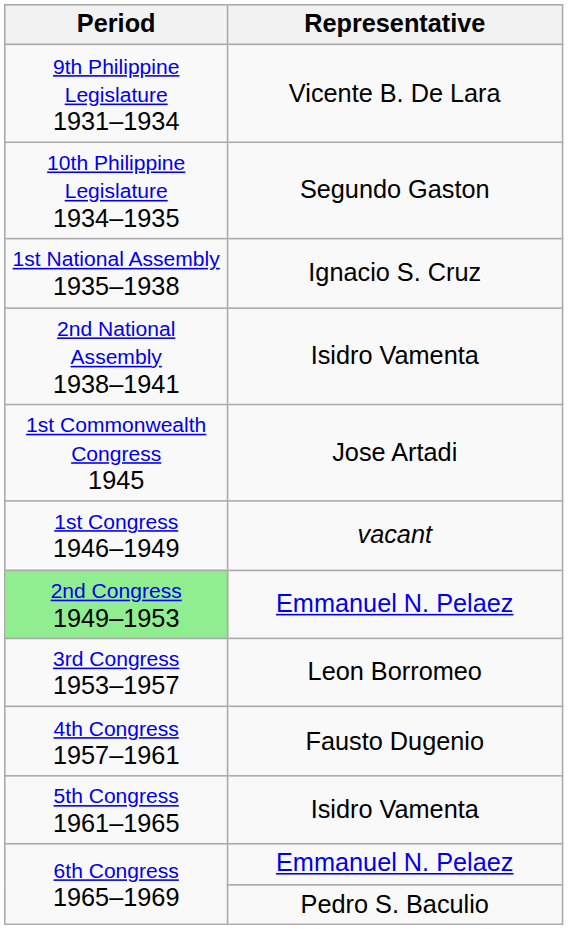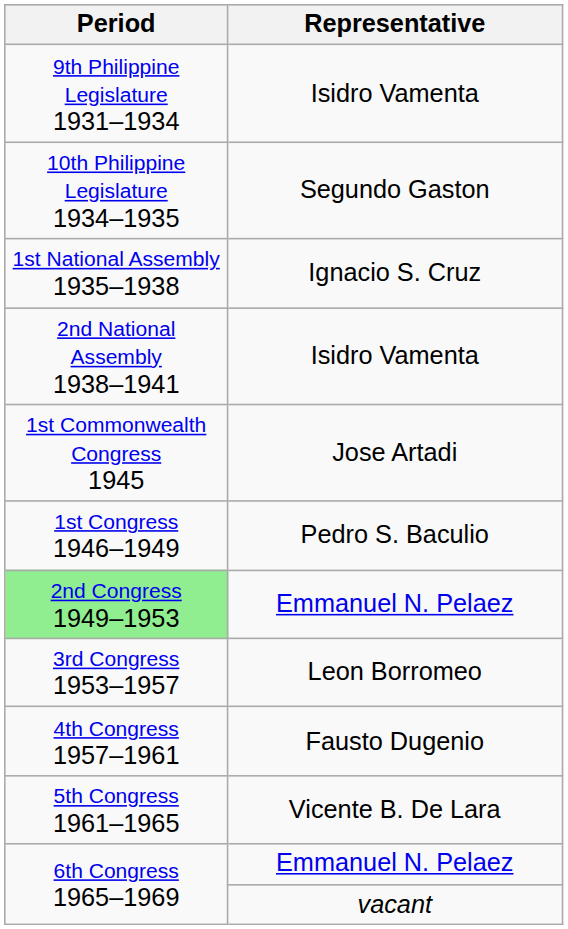 <table class="wikitable" style="text-align:center; width:40%;">
 <tr>
 <th width="40%">Period</th>
 <th>Representative</th>
 </tr>
 <tr>
 <td><small><a href='#'>9th Philippine Legislature</a></small><br>1931–1934</td>
-<td>Vicente B. De Lara</td>
+<td>Isidro Vamenta</td>
 </tr>
 <tr>
 <td><small><a href='#'>10th Philippine Legislature</a></small><br>1934–1935</td>
 <td>Segundo Gaston</td>
 </tr>
 <tr>
 <td><small><a href='#'>1st National Assembly</a></small><br>1935–1938</td>
 <td>Ignacio S. Cruz</td>
 </tr>
 <tr>
 <td><small><a href='#'>2nd National Assembly</a></small><br>1938–1941</td>
 <td>Isidro Vamenta</td>
 </tr>
 <tr>
 <td><small><a href='#'>1st Commonwealth Congress</a></small><br>1945</td>
 <td>Jose Artadi</td>
 </tr>
 <tr>
 <td><small><a href='#'>1st Congress</a></small><br>1946–1949</td>
-<td><em>vacant</em></td>
+<td>Pedro S. Baculio</td>
 </tr>
 <tr>
 <td style="background: lightgreen;"><small><a href='#'>2nd Congress</a></small><br>1949–1953</td>
 <td><a href='#'>Emmanuel N. Pelaez</a></td>
 </tr>
 <tr>
 <td><small><a href='#'>3rd Congress</a></small><br>1953–1957</td>
 <td>Leon Borromeo</td>
 </tr>
 <tr>
 <td><small><a href='#'>4th Congress</a></small><br>1957–1961</td>
 <td>Fausto Dugenio</td>
 </tr>
 <tr>
 <td><small><a href='#'>5th Congress</a></small><br>1961–1965</td>
-<td>Isidro Vamenta</td>
+<td>Vicente B. De Lara</td>
 </tr>
 <tr>
 <td rowspan="2"><small><a href='#'>6th Congress</a></small><br>1965–1969</td>
 <td><a href='#'>Emmanuel N. Pelaez</a></td>
 </tr>
 <tr>
-<td>Pedro S. Baculio</td>
+<td><em>vacant</em></td>
 </tr>
 </table>
